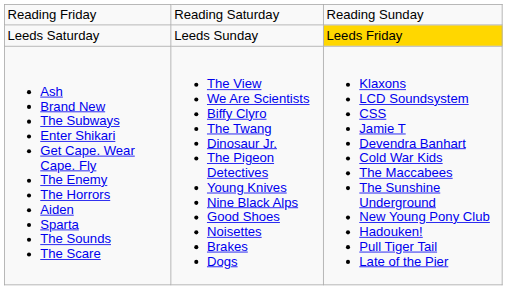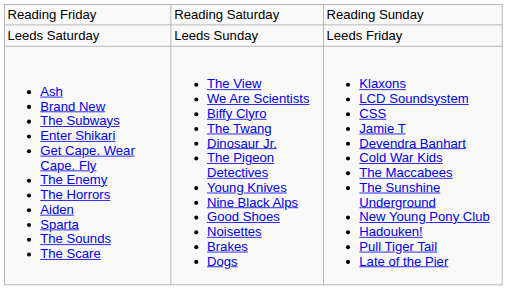 <table class="wikitable">
 <tr>
 <td>Reading Friday</td>
 <td>Reading Saturday</td>
 <td>Reading Sunday</td>
 </tr>
 <tr>
 <td>Leeds Saturday</td>
 <td>Leeds Sunday</td>
-<td style="background: gold;">Leeds Friday</td>
+<td>Leeds Friday</td>
 </tr>
 <tr>
 <td><br><ul><li><a href='#'>Ash</a></li><li><a href='#'>Brand New</a></li><li><a href='#'>The Subways</a></li><li><a href='#'>Enter Shikari</a></li><li><a href='#'>Get Cape. Wear Cape. Fly</a></li><li><a href='#'>The Enemy</a></li><li><a href='#'>The Horrors</a></li><li><a href='#'>Aiden</a></li><li><a href='#'>Sparta</a></li><li><a href='#'>The Sounds</a></li><li><a href='#'>The Scare</a></li></ul></td>
 <td><br><ul><li><a href='#'>The View</a></li><li><a href='#'>We Are Scientists</a></li><li><a href='#'>Biffy Clyro</a></li><li><a href='#'>The Twang</a></li><li><a href='#'>Dinosaur Jr.</a></li><li><a href='#'>The Pigeon Detectives</a></li><li><a href='#'>Young Knives</a></li><li><a href='#'>Nine Black Alps</a></li><li><a href='#'>Good Shoes</a></li><li><a href='#'>Noisettes</a></li><li><a href='#'>Brakes</a></li><li><a href='#'>Dogs</a></li></ul></td>
 <td><br><ul><li><a href='#'>Klaxons</a></li><li><a href='#'>LCD Soundsystem</a></li><li><a href='#'>CSS</a></li><li><a href='#'>Jamie T</a></li><li><a href='#'>Devendra Banhart</a></li><li><a href='#'>Cold War Kids</a></li><li><a href='#'>The Maccabees</a></li><li><a href='#'>The Sunshine Underground</a></li><li><a href='#'>New Young Pony Club</a></li><li><a href='#'>Hadouken!</a></li><li><a href='#'>Pull Tiger Tail</a></li><li><a href='#'>Late of the Pier</a></li></ul></td>
 </tr>
 </table>
